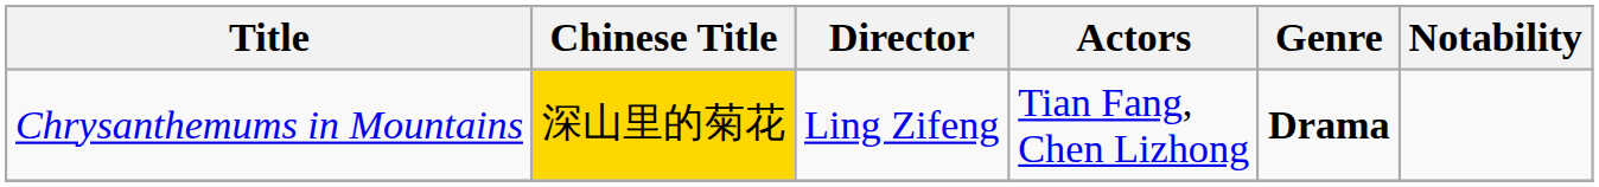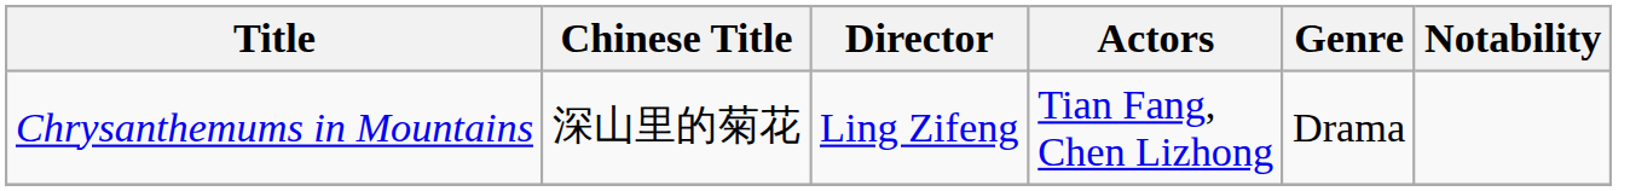 <table class="wikitable">
 <tr>
 <th>Title</th>
 <th>Chinese Title</th>
 <th>Director</th>
 <th>Actors</th>
 <th>Genre</th>
 <th>Notability</th>
 </tr>
 <tr>
 <td><em><a href='#'>Chrysanthemums in Mountains</a></em></td>
-<td style="background: gold;">深山里的菊花</td>
+<td>深山里的菊花</td>
 <td><a href='#'>Ling Zifeng</a></td>
 <td><a href='#'>Tian Fang</a>,<br><a href='#'>Chen Lizhong</a></td>
-<td><strong>Drama</strong></td>
+<td>Drama</td>
 <td></td>
 </tr>
 <tr>
 </tr>
 </table>
